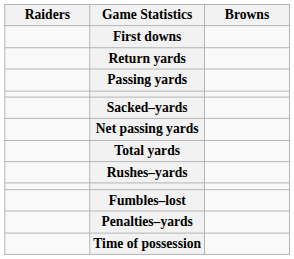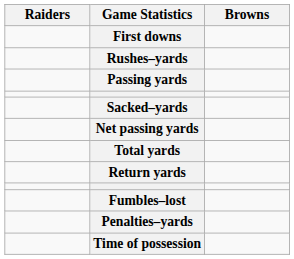 <table class="wikitable" style="margin: 1em auto 1em auto">
 <tr>
 <th style="width:30%;">Raiders</th>
 <th style="width:40%;">Game Statistics</th>
 <th style="width:30%;">Browns</th>
 </tr>
 <tr>
 <td style="text-align:right;"></td>
 <th>First downs</th>
 <td></td>
 </tr>
 <tr>
 <td style="text-align:right;"></td>
-<th>Return yards</th>
+<th>Rushes–yards</th>
 <td></td>
 </tr>
 <tr>
 <td style="text-align:right;"></td>
 <th>Passing yards</th>
 <td></td>
 </tr>
 <tr>
 <td style="text-align:right;"></td>
 <th></th>
 <td></td>
 </tr>
 <tr>
 <td style="text-align:right;"></td>
 <th>Sacked–yards</th>
 <td></td>
 </tr>
 <tr>
 <td style="text-align:right;"></td>
 <th>Net passing yards</th>
 <td></td>
 </tr>
 <tr>
 <td style="text-align:right;"></td>
 <th>Total yards</th>
 <td></td>
 </tr>
 <tr>
 <td style="text-align:right;"></td>
-<th>Rushes–yards</th>
+<th>Return yards</th>
 <td></td>
 </tr>
 <tr>
 <td style="text-align:right;"></td>
 <th></th>
 <td></td>
 </tr>
 <tr>
 <td style="text-align:right;"></td>
 <th>Fumbles–lost</th>
 <td></td>
 </tr>
 <tr>
 <td style="text-align:right;"></td>
 <th>Penalties–yards</th>
 <td></td>
 </tr>
 <tr>
 <td style="text-align:right;"></td>
 <th>Time of possession</th>
 <td></td>
 </tr>
 </table>
